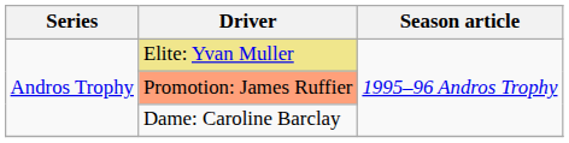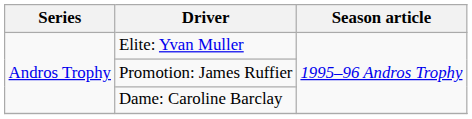 <table class="wikitable" style="font-size: 87%;">
 <tr>
 <th>Series</th>
 <th>Driver</th>
 <th>Season article</th>
 </tr>
 <tr>
 <td rowspan=3><a href='#'>Andros Trophy</a></td>
-<td style="background: khaki;">Elite:  <a href='#'>Yvan Muller</a></td>
+<td>Elite:  <a href='#'>Yvan Muller</a></td>
 <td rowspan=3><em><a href='#'>1995–96 Andros Trophy</a></em></td>
 </tr>
 <tr>
-<td style="background: lightsalmon;">Promotion:  James Ruffier</td>
+<td>Promotion:  James Ruffier</td>
 </tr>
 <tr>
 <td>Dame:  Caroline Barclay</td>
 </tr>
 <tr>
 </tr>
 </table>
